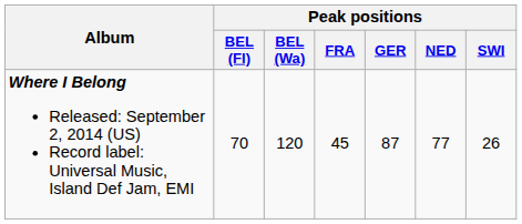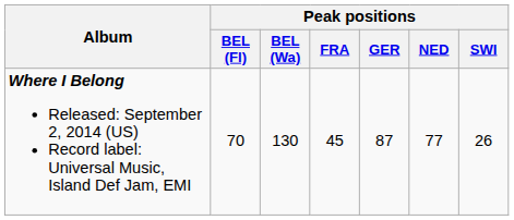 <table class="wikitable">
 <tr>
 <th rowspan="2" style="text-align:center; width:200px;">Album</th>
 <th colspan="6" style="text-align:center; width:20px;">Peak positions</th>
 </tr>
 <tr>
 <th scope="col" style="width:3em;font-size:90%;"><a href='#'>BEL <br> (Fl)</a><br></th>
 <th scope="col" style="width:3em;font-size:90%;"><a href='#'>BEL<br> (Wa)</a><br></th>
 <th scope="col" style="width:3em;font-size:90%;"><a href='#'>FRA</a><br></th>
 <th scope="col" style="width:3em;font-size:90%;"><a href='#'>GER</a><br></th>
 <th scope="col" style="width:3em;font-size:90%;"><a href='#'>NED</a><br></th>
 <th scope="col" style="width:3em;font-size:90%;"><a href='#'>SWI</a><br></th>
 </tr>
 <tr>
 <td><strong><em>Where I Belong</em></strong><br><ul><li>Released: September 2, 2014 (US)</li><li>Record label: Universal Music, Island Def Jam, EMI</li></ul></td>
 <td style="text-align:center;">70</td>
-<td style="text-align:center;">120</td>
+<td style="text-align:center;">130</td>
 <td style="text-align:center;">45</td>
 <td style="text-align:center;">87</td>
 <td style="text-align:center;">77</td>
 <td style="text-align:center;">26</td>
 </tr>
 </table>
